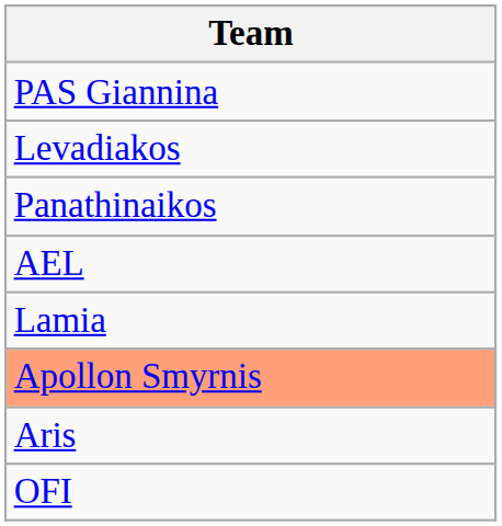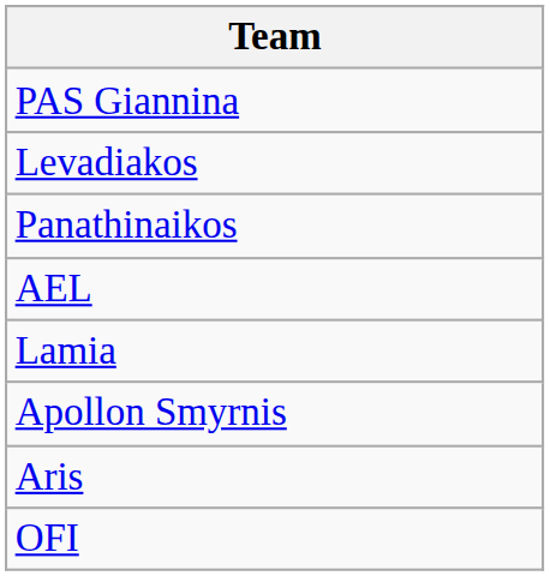 <table class="wikitable">
 <tr>
 </tr>
 <tr>
 <th width=210>Team</th>
 </tr>
 <tr>
 <td><a href='#'>PAS Giannina</a></td>
 </tr>
 <tr>
 <td><a href='#'>Levadiakos</a></td>
 </tr>
 <tr>
 <td><a href='#'>Panathinaikos</a></td>
 </tr>
 <tr>
 <td><a href='#'>AEL</a></td>
 </tr>
 <tr>
 <td><a href='#'>Lamia</a></td>
 </tr>
 <tr>
-<td style="background: lightsalmon;"><a href='#'>Apollon Smyrnis</a></td>
+<td><a href='#'>Apollon Smyrnis</a></td>
 </tr>
 <tr>
 <td><a href='#'>Aris</a></td>
 </tr>
 <tr>
 <td><a href='#'>OFI</a></td>
 </tr>
 </table>
